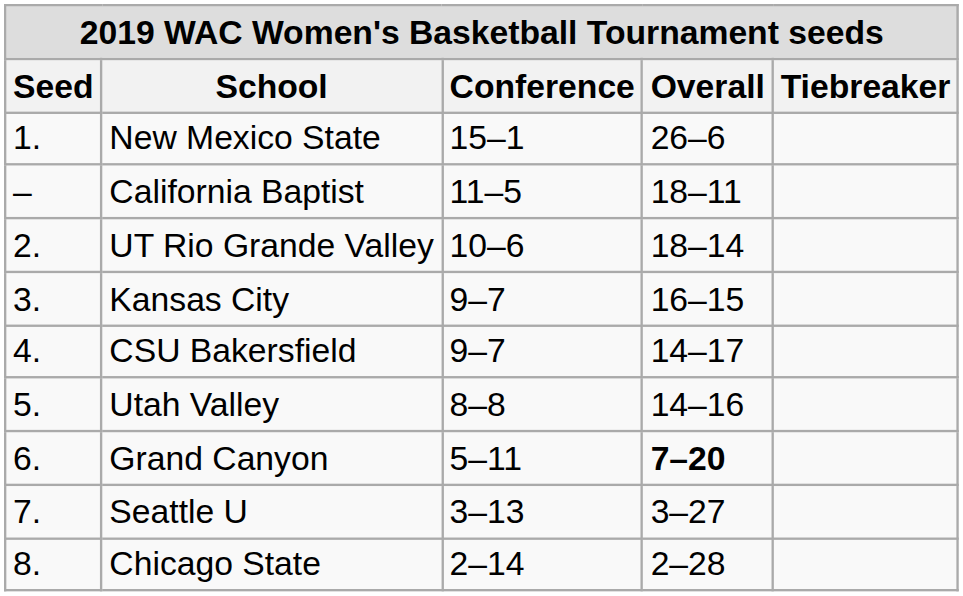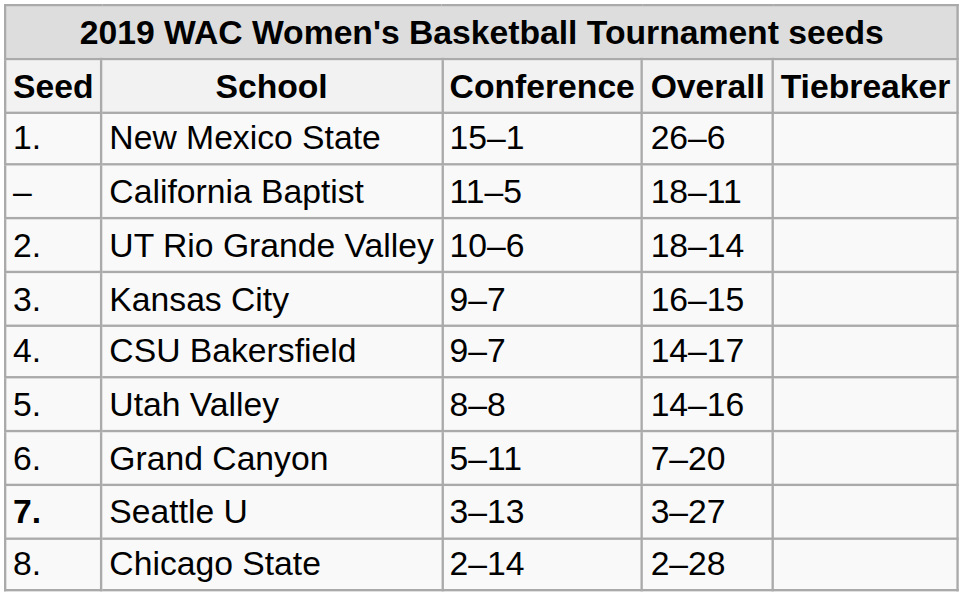 <table class="wikitable" style="white-space:nowrap; font-size:90%;">
 <tr>
 <td colspan="7" style="text-align:center; background:#DDDDDD; font:#000000"><strong>2019 WAC Women's Basketball Tournament seeds</strong></td>
 </tr>
 <tr bgcolor="#efefef">
 <th>Seed</th>
 <th>School</th>
 <th>Conference</th>
 <th>Overall</th>
 <th>Tiebreaker</th>
 </tr>
 <tr>
 <td>1.</td>
 <td>New Mexico State</td>
 <td>15–1</td>
 <td>26–6</td>
 <td></td>
 </tr>
 <tr>
 <td>–</td>
 <td>California Baptist</td>
 <td>11–5</td>
 <td>18–11</td>
 <td></td>
 </tr>
 <tr>
 <td>2.</td>
 <td>UT Rio Grande Valley</td>
 <td>10–6</td>
 <td>18–14</td>
 <td></td>
 </tr>
 <tr>
 <td>3.</td>
 <td>Kansas City</td>
 <td>9–7</td>
 <td>16–15</td>
 <td></td>
 </tr>
 <tr>
 <td>4.</td>
 <td>CSU Bakersfield</td>
 <td>9–7</td>
 <td>14–17</td>
 <td></td>
 </tr>
 <tr>
 <td>5.</td>
 <td>Utah Valley</td>
 <td>8–8</td>
 <td>14–16</td>
 <td></td>
 </tr>
 <tr>
 <td>6.</td>
 <td>Grand Canyon</td>
 <td>5–11</td>
-<td><strong>7–20</strong></td>
+<td>7–20</td>
 <td></td>
 </tr>
 <tr>
-<td>7.</td>
+<td><strong>7.</strong></td>
 <td>Seattle U</td>
 <td>3–13</td>
 <td>3–27</td>
 <td></td>
 </tr>
 <tr>
 <td>8.</td>
 <td>Chicago State</td>
 <td>2–14</td>
 <td>2–28</td>
 <td></td>
 </tr>
 </table>
